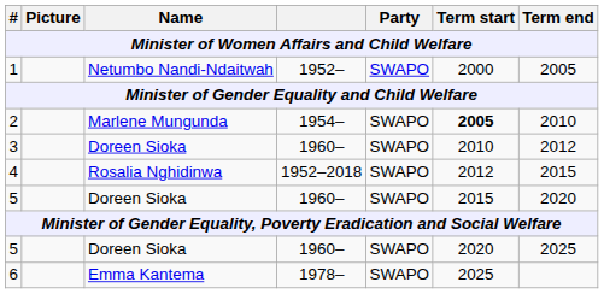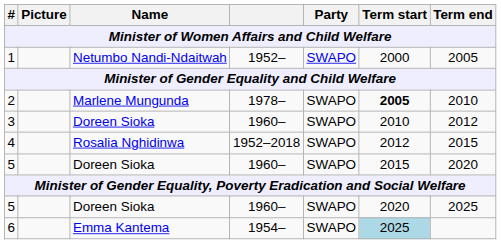 <table class="wikitable" style="text-align:center;">
 <tr>
 <th>#</th>
 <th>Picture</th>
 <th>Name</th>
 <th></th>
 <th>Party</th>
 <th>Term start</th>
 <th>Term end</th>
 </tr>
 <tr>
 <th style="background:#EEEEFF" align="center" colspan="7"><em>Minister of Women Affairs and Child Welfare</em></th>
 </tr>
 <tr>
 <td>1</td>
 <td></td>
 <td style="text-align:left;"><a href='#'>Netumbo Nandi-Ndaitwah</a></td>
 <td>1952–</td>
 <td><a href='#'>SWAPO</a></td>
 <td>2000</td>
 <td>2005</td>
 </tr>
 <tr>
 <th style="background:#EEEEFF" align="center" colspan="7"><em>Minister of Gender Equality and Child Welfare</em></th>
 </tr>
 <tr>
 <td>2</td>
 <td></td>
 <td style="text-align:left;"><a href='#'>Marlene Mungunda</a></td>
-<td>1954–</td>
+<td>1978–</td>
 <td>SWAPO</td>
 <td><strong>2005</strong></td>
 <td>2010</td>
 </tr>
 <tr>
 <td>3</td>
 <td></td>
 <td style="text-align:left;"><a href='#'>Doreen Sioka</a></td>
 <td>1960–</td>
 <td>SWAPO</td>
 <td>2010</td>
 <td>2012</td>
 </tr>
 <tr>
 <td>4</td>
 <td></td>
 <td style="text-align:left;"><a href='#'>Rosalia Nghidinwa</a></td>
 <td>1952–2018</td>
 <td>SWAPO</td>
 <td>2012</td>
 <td>2015</td>
 </tr>
 <tr>
 <td>5</td>
 <td></td>
 <td style="text-align:left;">Doreen Sioka</td>
 <td>1960–</td>
 <td>SWAPO</td>
 <td>2015</td>
 <td>2020</td>
 </tr>
 <tr>
 <th style="background:#EEEEFF" align="center" colspan="7"><em>Minister of Gender Equality, Poverty Eradication and Social Welfare</em></th>
 </tr>
 <tr>
 <td>5</td>
 <td></td>
 <td style="text-align:left;">Doreen Sioka</td>
 <td>1960–</td>
 <td>SWAPO</td>
 <td>2020</td>
 <td>2025</td>
 </tr>
 <tr>
 <td>6</td>
 <td></td>
 <td style="text-align:left;"><a href='#'>Emma Kantema</a></td>
-<td>1978–</td>
+<td>1954–</td>
 <td>SWAPO</td>
-<td>2025</td>
+<td style="background: lightblue;">2025</td>
 <td></td>
 </tr>
 </table>
